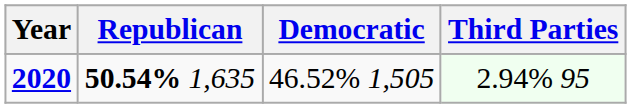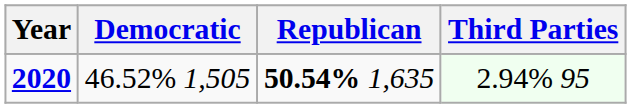 <table class="wikitable" style="float:right; font-size:95%;">
 <tr bgcolor=lightgrey>
 <th>Year</th>
+<th><a href='#'>Democratic</a></th>
 <th><a href='#'>Republican</a></th>
-<th><a href='#'>Democratic</a></th>
 <th><a href='#'>Third Parties</a></th>
 </tr>
 <tr>
 <td style="text-align:center; "><strong><a href='#'>2020</a></strong></td>
+<td style="text-align:center; ">46.52% <em>1,505</em></td>
 <td style="text-align:center; "><strong>50.54%</strong> <em>1,635</em></td>
-<td style="text-align:center; ">46.52% <em>1,505</em></td>
 <td style="text-align:center; background:honeyDew;">2.94% <em>95</em></td>
 </tr>
 </table>
